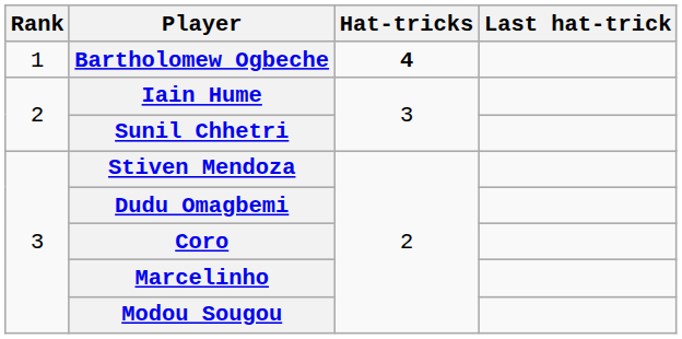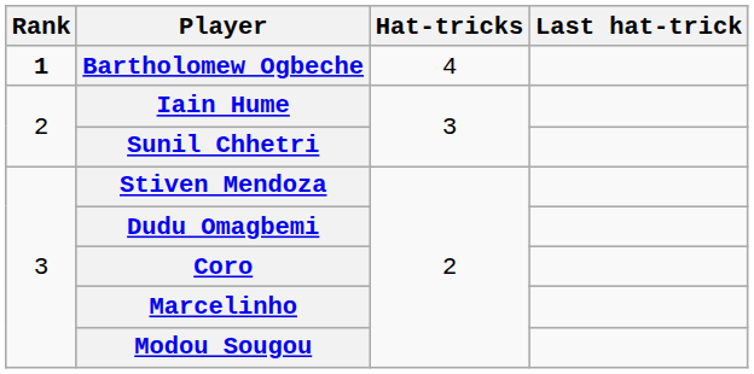 <table class="wikitable plainrowheaders" style="text-align:center">
 <tr>
 <th scope="col">Rank</th>
 <th scope="col">Player</th>
 <th scope="col">Hat-tricks</th>
 <th scope="col">Last hat-trick</th>
 </tr>
 <tr>
-<td style="border-top:1px solid silver" align="center">1</td>
+<td style="border-top:1px solid silver" align="center"><strong>1</strong></td>
 <th style="border-top:1px solid silver" scope="row"> <a href='#'>Bartholomew Ogbeche</a></th>
-<td style="text-align:center;border-top:1px solid silver"><strong>4</strong></td>
+<td style="text-align:center;border-top:1px solid silver">4</td>
 <td align="center"></td>
 </tr>
 <tr>
 <td rowspan="2" style="border-top:1px solid silver" align="center">2</td>
 <th style="border-top:1px solid silver" scope="row"> <a href='#'>Iain Hume</a></th>
 <td rowspan="2" style="text-align:center;border-top:1px solid silver">3</td>
 <td align="center"></td>
 </tr>
 <tr>
 <th style="border-top:1px solid silver" scope="row"><strong> <a href='#'>Sunil Chhetri</a></strong></th>
 <td align="center"></td>
 </tr>
 <tr>
 <td rowspan="6" style="border-top:1px solid silver" align="center">3</td>
 <th style="border-top:1px solid silver" scope="row"> <a href='#'>Stiven Mendoza</a></th>
 <td rowspan="6" style="text-align:center;border-top:1px solid silver">2</td>
 <td align="center"></td>
 </tr>
 <tr>
 <th style="border-top:1px solid silver" scope="row"> <a href='#'>Dudu Omagbemi</a></th>
 <td align="center"></td>
 </tr>
 <tr>
 <th style="border-top:1px solid silver" scope="row"> <a href='#'>Coro</a></th>
 <td align="center"></td>
 </tr>
 <tr>
 <th style="border-top:1px solid silver" scope="row"> <a href='#'>Marcelinho</a></th>
 <td align="center"></td>
 </tr>
 <tr>
 <th style="border-top:1px solid silver" scope="row"> <a href='#'>Modou Sougou</a></th>
 <td align="center"></td>
 </tr>
 </table>
